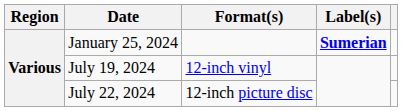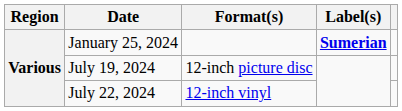 <table class="wikitable plainrowheaders">
 <tr>
 <th scope="col">Region</th>
 <th scope="col">Date</th>
 <th scope="col">Format(s)</th>
 <th scope="col">Label(s)</th>
 <th scope="col"></th>
 </tr>
 <tr>
 <th rowspan="3" scope="row">Various</th>
 <td>January 25, 2024</td>
 <td></td>
 <td><strong><a href='#'>Sumerian</a></strong></td>
 <td align="center"></td>
 </tr>
 <tr>
 <td>July 19, 2024</td>
-<td><a href='#'>12-inch vinyl</a></td>
+<td>12-inch <a href='#'>picture disc</a></td>
 <td rowspan="2"></td>
 <td align="center"></td>
 </tr>
 <tr>
 <td>July 22, 2024</td>
-<td>12-inch <a href='#'>picture disc</a></td>
+<td><a href='#'>12-inch vinyl</a></td>
 <td align="center"></td>
 </tr>
 </table>
